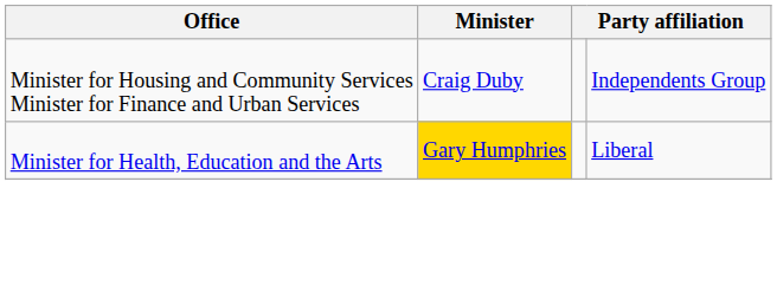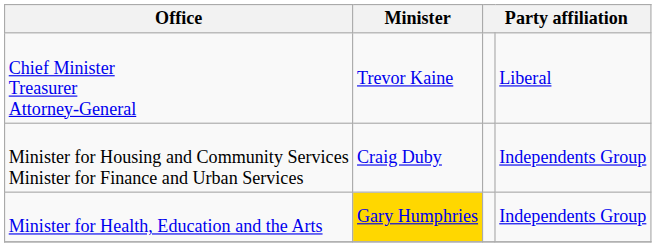 <table class="wikitable">
 <tr>
 <th>Office</th>
 <th>Minister</th>
 <th colspan=2>Party affiliation</th>
+</tr>
+<tr>
+<td><br><a href='#'>Chief Minister</a><br> <a href='#'>Treasurer</a><br> <a href='#'>Attorney-General</a></td>
+<td><a href='#'>Trevor Kaine</a></td>
+<td> </td>
+<td><a href='#'>Liberal</a></td>
 </tr>
 <tr>
 <td><br>Minister for Housing and Community Services<br> Minister for Finance and Urban Services</td>
 <td><a href='#'>Craig Duby</a></td>
 <td> </td>
 <td><a href='#'>Independents Group</a></td>
 </tr>
 <tr>
 <td><br><a href='#'>Minister for Health, Education and the Arts</a></td>
 <td style="background: gold;"><a href='#'>Gary Humphries</a></td>
 <td> </td>
-<td><a href='#'>Liberal</a></td>
+<td><a href='#'>Independents Group</a></td>
 </tr>
 <tr>
 </tr>
 </table>
